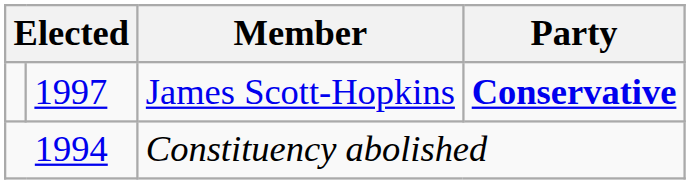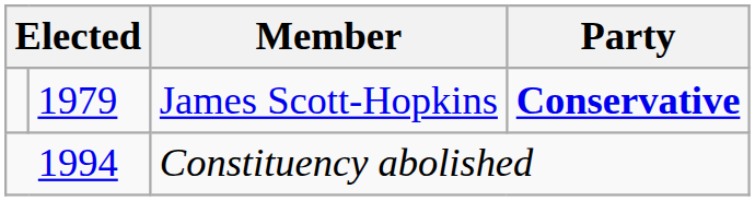 <table class="wikitable">
 <tr>
 <th colspan = "2">Elected</th>
 <th>Member</th>
 <th>Party</th>
 </tr>
 <tr>
 <td style="background-color: "></td>
-<td><a href='#'>1997</a></td>
+<td><a href='#'>1979</a></td>
 <td><a href='#'>James Scott-Hopkins</a></td>
 <td><strong><a href='#'>Conservative</a></strong></td>
 </tr>
 <tr>
 <td colspan="2" align="center"><a href='#'>1994</a></td>
 <td colspan="2"><em>Constituency abolished</em></td>
 </tr>
 </table>
